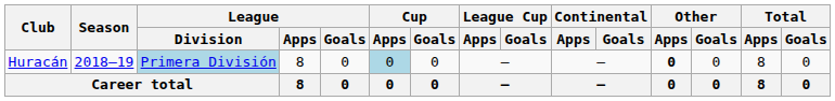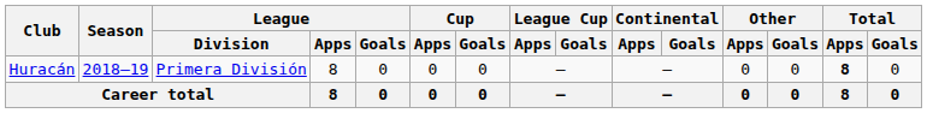 <table class="wikitable" style="text-align:center">
 <tr>
 <th rowspan="2">Club</th>
 <th rowspan="2">Season</th>
 <th colspan="3">League</th>
 <th colspan="2">Cup</th>
 <th colspan="2">League Cup</th>
 <th colspan="2">Continental</th>
 <th colspan="2">Other</th>
 <th colspan="2">Total</th>
 </tr>
 <tr>
 <th>Division</th>
 <th>Apps</th>
 <th>Goals</th>
 <th>Apps</th>
 <th>Goals</th>
 <th>Apps</th>
 <th>Goals</th>
 <th>Apps</th>
 <th>Goals</th>
 <th>Apps</th>
 <th>Goals</th>
 <th>Apps</th>
 <th>Goals</th>
 </tr>
 <tr>
 <td rowspan="1"><a href='#'>Huracán</a></td>
 <td><a href='#'>2018–19</a></td>
-<td rowspan="1" style="background: lightblue;"><a href='#'>Primera División</a></td>
+<td rowspan="1"><a href='#'>Primera División</a></td>
 <td>8</td>
 <td>0</td>
-<td style="background: lightblue;">0</td>
+<td>0</td>
 <td>0</td>
 <td colspan="2">—</td>
 <td colspan="2">—</td>
-<td><strong>0</strong></td>
 <td>0</td>
-<td>8</td>
+<td>0</td>
+<td><strong>8</strong></td>
 <td>0</td>
 </tr>
 <tr>
 <th colspan="3">Career total</th>
 <th>8</th>
 <th>0</th>
 <th>0</th>
 <th>0</th>
 <th colspan="2">—</th>
 <th colspan="2">—</th>
 <th>0</th>
 <th>0</th>
 <th>8</th>
 <th>0</th>
 </tr>
 </table>
